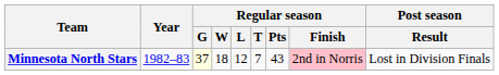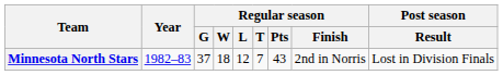 <table class="wikitable" style="font-size: 95%; text-align:center;">
 <tr>
 <th rowspan="2">Team</th>
 <th rowspan="2">Year</th>
 <th colspan="6">Regular season</th>
 <th colspan="1">Post season</th>
 </tr>
 <tr>
 <th>G</th>
 <th>W</th>
 <th>L</th>
 <th>T</th>
 <th>Pts</th>
 <th>Finish</th>
 <th>Result</th>
 </tr>
 <tr>
 <th><a href='#'>Minnesota North Stars</a></th>
 <td><a href='#'>1982–83</a></td>
-<td style="background: lightyellow;">37</td>
+<td>37</td>
 <td>18</td>
 <td>12</td>
 <td>7</td>
 <td>43</td>
-<td style="background: pink;">2nd in Norris</td>
+<td>2nd in Norris</td>
 <td>Lost in Division Finals</td>
 </tr>
 </table>
